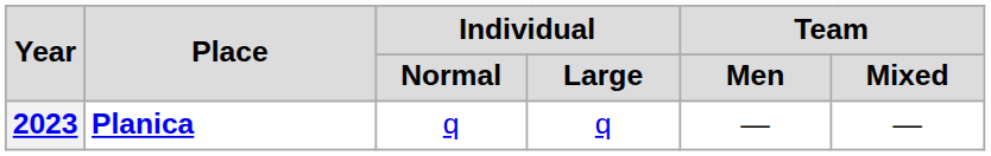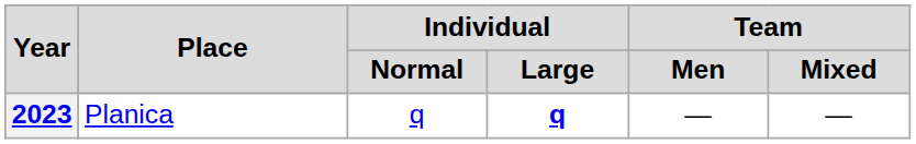 <table class="wikitable plainrowheaders" style="background:#fff; font-size:86%; line-height:16px; border:gray solid 1px; border-collapse:collapse;">
 <tr style="background:#ccc; text-align:center;">
 <th scope="col" rowspan="2" style="background:#dcdcdc; width:25px;">Year</th>
 <th scope="col" rowspan="2" style="background:#dcdcdc; width:130px;">Place</th>
 <th scope="col" colspan="2" style="background:#dcdcdc; width:130px;">Individual</th>
 <th scope="col" colspan="2" style="background:#dcdcdc; width:130px;">Team</th>
 </tr>
 <tr>
 <th scope="col" style="background:#dcdcdc; width:65px;">Normal</th>
 <th scope="col" style="background:#dcdcdc; width:65px;">Large</th>
 <th scope="col" style="background:#dcdcdc; width:65px;">Men</th>
 <th scope="col" style="background:#dcdcdc; width:65px;">Mixed</th>
 </tr>
 <tr>
 <th scope=row align=center><a href='#'>2023</a></th>
-<td><strong> <a href='#'>Planica</a></strong></td>
+<td> <a href='#'>Planica</a></td>
 <td align=center><a href='#'>q</a></td>
-<td align=center><a href='#'>q</a></td>
+<td align=center><strong><a href='#'>q</a></strong></td>
 <td align=center>—</td>
 <td align=center>—</td>
 </tr>
 </table>
